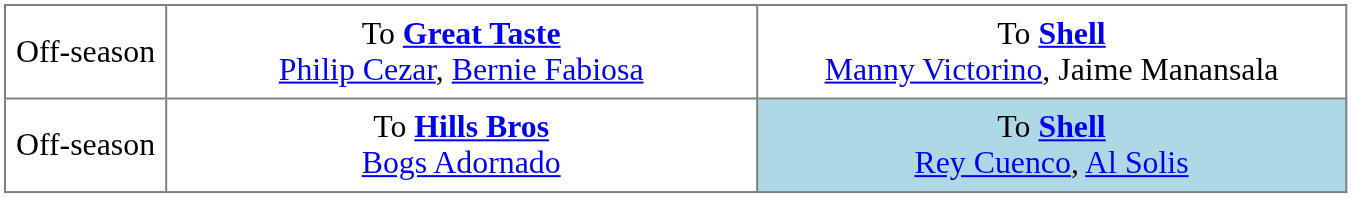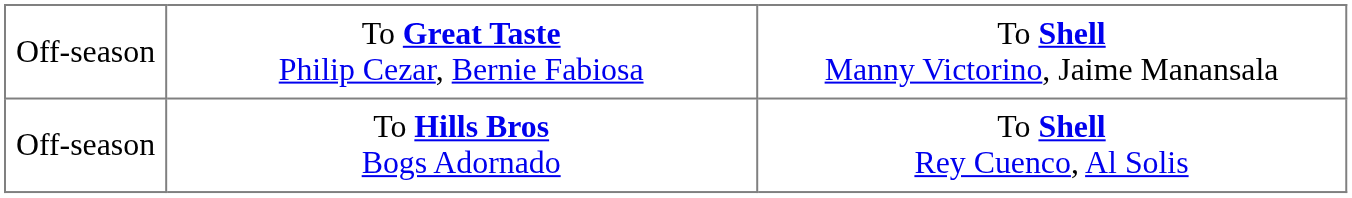 <table border="1" style="border-collapse:collapse; text-align: center" cellpadding="5">
 <tr>
 <td style="width:12%">Off-season</td>
 <td style="width:44%" valign="top">To <strong><a href='#'>Great Taste</a></strong><br><a href='#'>Philip Cezar</a>, <a href='#'>Bernie Fabiosa</a></td>
 <td style="width:44%" valign="top">To <strong><a href='#'>Shell</a></strong><br><a href='#'>Manny Victorino</a>, Jaime Manansala</td>
 </tr>
 <tr>
 <td style="width:12%">Off-season</td>
 <td style="width:44%" valign="top">To <strong><a href='#'>Hills Bros</a></strong><br><a href='#'>Bogs Adornado</a></td>
-<td style="background: lightblue; width:44%" valign="top">To <strong><a href='#'>Shell</a></strong><br><a href='#'>Rey Cuenco</a>, <a href='#'>Al Solis</a></td>
+<td style="width:44%" valign="top">To <strong><a href='#'>Shell</a></strong><br><a href='#'>Rey Cuenco</a>, <a href='#'>Al Solis</a></td>
 </tr>
 </table>
